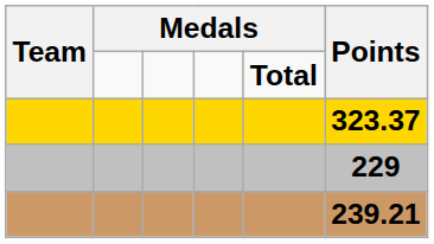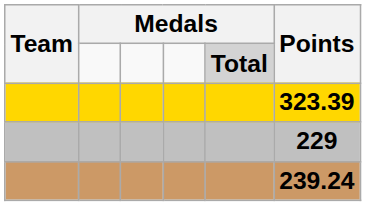 <table class="wikitable" style="text-align:center;">
 <tr>
 <th rowspan=2>Team</th>
 <th colspan=4>Medals</th>
 <th rowspan=2>Points</th>
 </tr>
 <tr>
 <td width=20px></td>
 <td width=20px></td>
 <td width=20px></td>
-<td><strong>Total</strong></td>
+<td style="background: lightgrey;"><strong>Total</strong></td>
 </tr>
 <tr bgcolor=gold>
 <td align=left></td>
 <td></td>
 <td></td>
 <td></td>
 <td></td>
-<td><strong>323.37</strong></td>
+<td><strong>323.39</strong></td>
 </tr>
 <tr bgcolor=silver>
 <td align=left></td>
 <td></td>
 <td></td>
 <td></td>
 <td></td>
 <td><strong>229</strong></td>
 </tr>
 <tr bgcolor="CC9966">
 <td align=left></td>
 <td></td>
 <td></td>
 <td></td>
 <td></td>
-<td><strong>239.21</strong></td>
+<td><strong>239.24</strong></td>
 </tr>
 </table>
